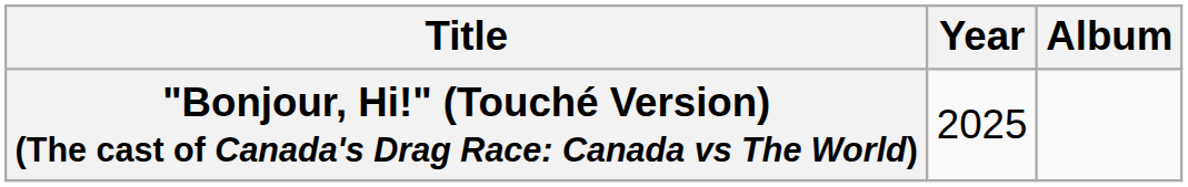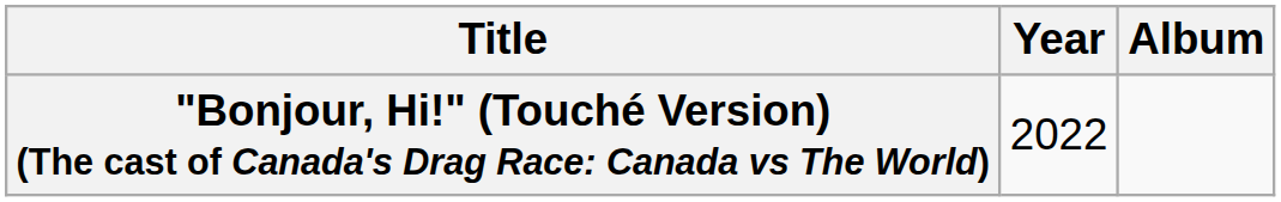 <table class="wikitable plainrowheaders" style="text-align:center;">
 <tr>
 <th scope="col">Title</th>
 <th scope="col">Year</th>
 <th scope="col">Album</th>
 </tr>
 <tr>
 <th scope="row">"Bonjour, Hi!" (Touché Version) <br> <small>(The cast of <em>Canada's Drag Race: Canada vs The World</em>)</small></th>
-<td>2025</td>
+<td>2022</td>
 <td></td>
 </tr>
 </table>
